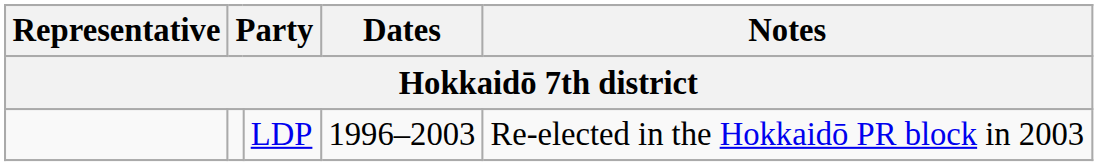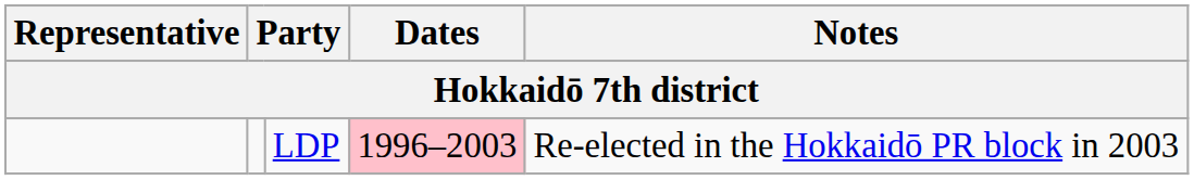 <table class=wikitable>
 <tr valign=bottom>
 <th>Representative</th>
 <th colspan="2">Party</th>
 <th>Dates</th>
 <th>Notes</th>
 </tr>
 <tr>
 <th colspan="5">Hokkaidō 7th district</th>
 </tr>
 <tr>
 <td></td>
 <td bgcolor=></td>
 <td><a href='#'>LDP</a></td>
-<td>1996–2003</td>
+<td style="background: pink;">1996–2003</td>
 <td>Re-elected in the <a href='#'>Hokkaidō PR block</a> in 2003</td>
 </tr>
 </table>
